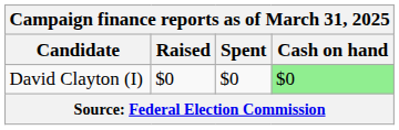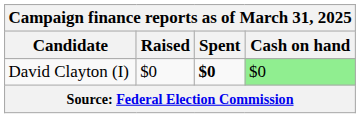 <table class="wikitable sortable">
 <tr>
 <th colspan=4>Campaign finance reports as of March 31, 2025</th>
 </tr>
 <tr style="text-align:center;">
 <th>Candidate</th>
 <th>Raised</th>
 <th>Spent</th>
 <th>Cash on hand</th>
 </tr>
 <tr>
 <td>David Clayton (I)</td>
 <td>$0</td>
-<td>$0</td>
+<td><strong>$0</strong></td>
 <td style="background: lightgreen;">$0</td>
 </tr>
 <tr>
 <th colspan="4"><small>Source: <a href='#'>Federal Election Commission</a></small></th>
 </tr>
 </table>
